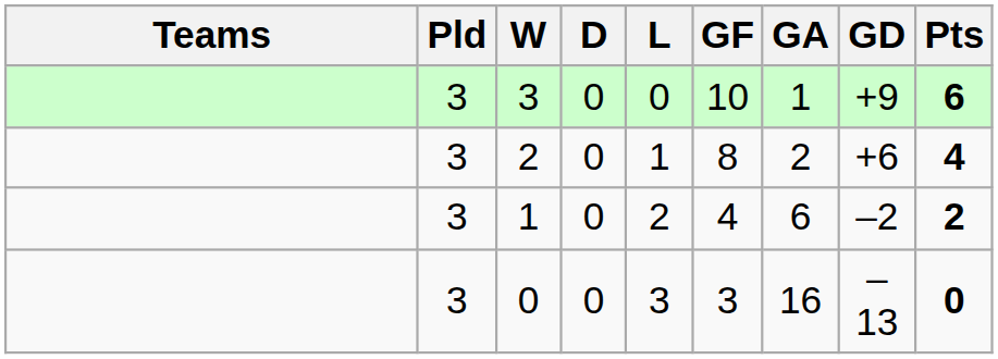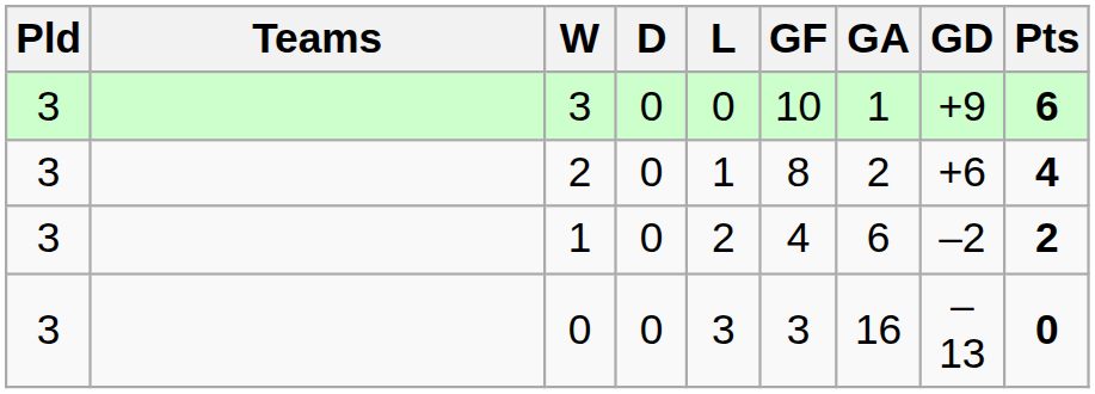 <table class="wikitable" style="text-align: center;">
 <tr>
+<th width=20>Pld</th>
 <th width=165>Teams</th>
-<th width=20>Pld</th>
 <th width=20>W</th>
 <th width=20>D</th>
 <th width=20>L</th>
 <th width=20>GF</th>
 <th width=20>GA</th>
 <th width=25>GD</th>
 <th width=20>Pts</th>
 </tr>
 <tr align=center style="background:#ccffcc;">
+<td>3</td>
 <td style="text-align:left;"></td>
-<td>3</td>
 <td>3</td>
 <td>0</td>
 <td>0</td>
 <td>10</td>
 <td>1</td>
 <td>+9</td>
 <td><strong>6</strong></td>
 </tr>
 <tr align=center>
+<td>3</td>
 <td style="text-align:left;"></td>
-<td>3</td>
 <td>2</td>
 <td>0</td>
 <td>1</td>
 <td>8</td>
 <td>2</td>
 <td>+6</td>
 <td><strong>4</strong></td>
 </tr>
 <tr align=center>
+<td>3</td>
 <td style="text-align:left;"></td>
-<td>3</td>
 <td>1</td>
 <td>0</td>
 <td>2</td>
 <td>4</td>
 <td>6</td>
 <td>–2</td>
 <td><strong>2</strong></td>
 </tr>
 <tr align=center>
+<td>3</td>
 <td style="text-align:left;"></td>
-<td>3</td>
 <td>0</td>
 <td>0</td>
 <td>3</td>
 <td>3</td>
 <td>16</td>
 <td>–13</td>
 <td><strong>0</strong></td>
 </tr>
 </table>
